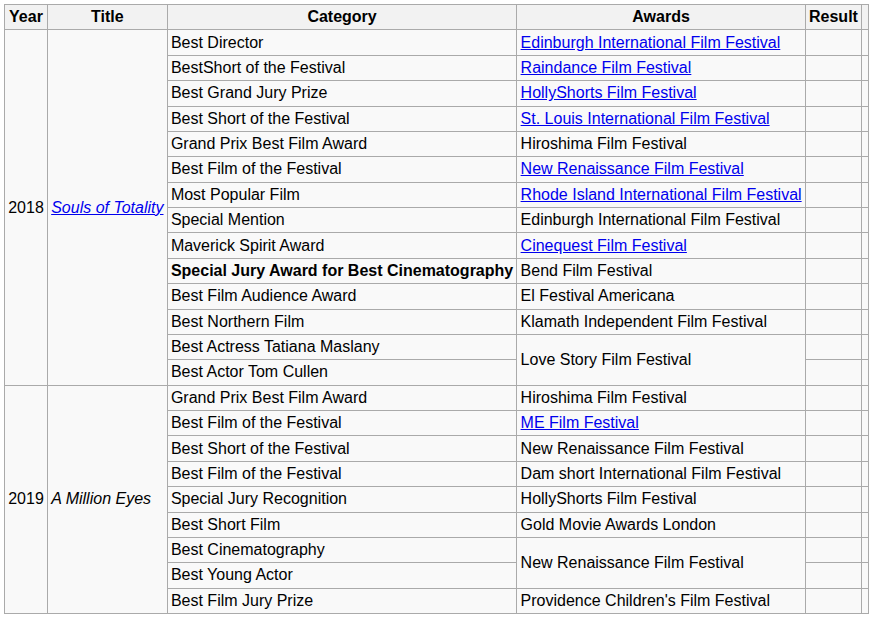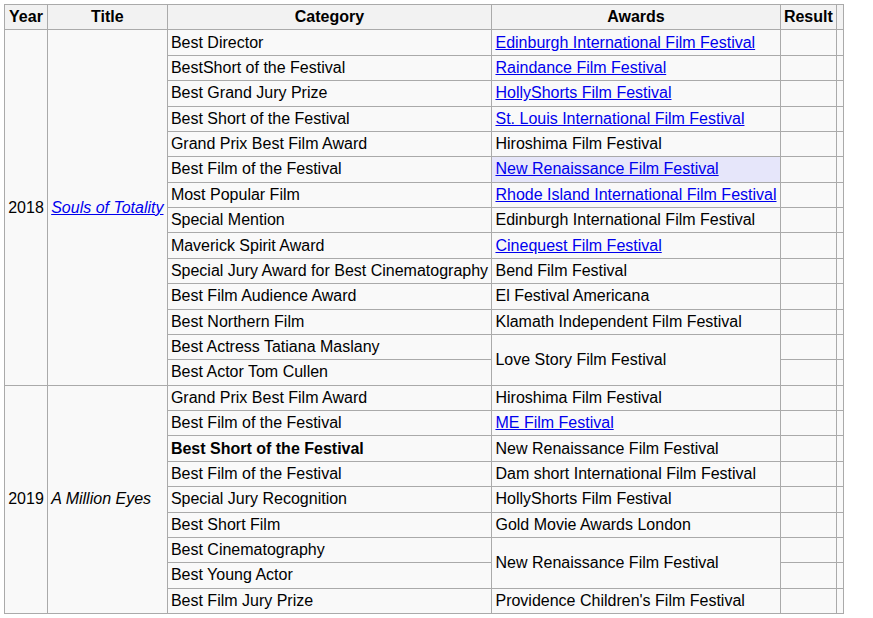 <table class="wikitable">
 <tr>
 <th>Year</th>
 <th>Title</th>
 <th>Category</th>
 <th>Awards</th>
 <th>Result</th>
 <th></th>
 </tr>
 <tr>
 <td rowspan=14>2018</td>
 <td rowspan=14><em><a href='#'>Souls of Totality</a></em></td>
 <td>Best Director</td>
 <td><a href='#'>Edinburgh International Film Festival</a></td>
 <td></td>
 <td style="text-align:center;"></td>
 </tr>
 <tr>
 <td>BestShort of the Festival</td>
 <td><a href='#'>Raindance Film Festival</a></td>
 <td></td>
 <td style="text-align:center;"></td>
 </tr>
 <tr>
 <td>Best Grand Jury Prize</td>
 <td><a href='#'>HollyShorts Film Festival</a></td>
 <td></td>
 <td></td>
 </tr>
 <tr>
 <td>Best Short of the Festival</td>
 <td><a href='#'>St. Louis International Film Festival</a></td>
 <td></td>
 <td></td>
 </tr>
 <tr>
 <td>Grand Prix Best Film Award</td>
 <td>Hiroshima Film Festival</td>
 <td></td>
 <td></td>
 </tr>
 <tr>
 <td>Best Film of the Festival</td>
-<td><a href='#'>New Renaissance Film Festival</a></td>
+<td style="background: lavender;"><a href='#'>New Renaissance Film Festival</a></td>
 <td></td>
 <td></td>
 </tr>
 <tr>
 <td>Most Popular Film</td>
 <td><a href='#'>Rhode Island International Film Festival</a></td>
 <td></td>
 <td></td>
 </tr>
 <tr>
 <td>Special Mention</td>
 <td>Edinburgh International Film Festival</td>
 <td></td>
 <td></td>
 </tr>
 <tr>
 <td>Maverick Spirit Award</td>
 <td><a href='#'>Cinequest Film Festival</a></td>
 <td></td>
 <td></td>
 </tr>
 <tr>
-<td><strong>Special Jury Award for Best Cinematography</strong></td>
+<td>Special Jury Award for Best Cinematography</td>
 <td>Bend Film Festival</td>
 <td></td>
 <td></td>
 </tr>
 <tr>
 <td>Best Film Audience Award</td>
 <td>El Festival Americana</td>
 <td></td>
 <td></td>
 </tr>
 <tr>
 <td>Best Northern Film</td>
 <td>Klamath Independent Film Festival</td>
 <td></td>
 <td></td>
 </tr>
 <tr>
 <td>Best Actress Tatiana Maslany</td>
 <td rowspan=2>Love Story Film Festival</td>
 <td></td>
 <td></td>
 </tr>
 <tr>
 <td>Best Actor Tom Cullen</td>
 <td></td>
 <td></td>
 </tr>
 <tr>
 <td rowspan=9>2019</td>
 <td rowspan=9><em>A Million Eyes</em></td>
 <td>Grand Prix Best Film Award</td>
 <td>Hiroshima Film Festival</td>
 <td></td>
 <td></td>
 </tr>
 <tr>
 <td>Best Film of the Festival</td>
 <td><a href='#'>ME Film Festival</a></td>
 <td></td>
 <td></td>
 </tr>
 <tr>
-<td>Best Short of the Festival</td>
+<td><strong>Best Short of the Festival</strong></td>
 <td>New Renaissance Film Festival</td>
 <td></td>
 <td></td>
 </tr>
 <tr>
 <td>Best Film of the Festival</td>
 <td>Dam short International Film Festival</td>
 <td></td>
 <td></td>
 </tr>
 <tr>
 <td>Special Jury Recognition</td>
 <td>HollyShorts Film Festival</td>
 <td></td>
 <td></td>
 </tr>
 <tr>
 <td>Best Short Film</td>
 <td>Gold Movie Awards London</td>
 <td></td>
 <td></td>
 </tr>
 <tr>
 <td>Best Cinematography</td>
 <td rowspan=2>New Renaissance Film Festival</td>
 <td></td>
 <td></td>
 </tr>
 <tr>
 <td>Best Young Actor</td>
 <td></td>
 <td></td>
 </tr>
 <tr>
 <td>Best Film Jury Prize</td>
 <td>Providence Children's Film Festival</td>
 <td></td>
 <td></td>
 </tr>
 </table>
